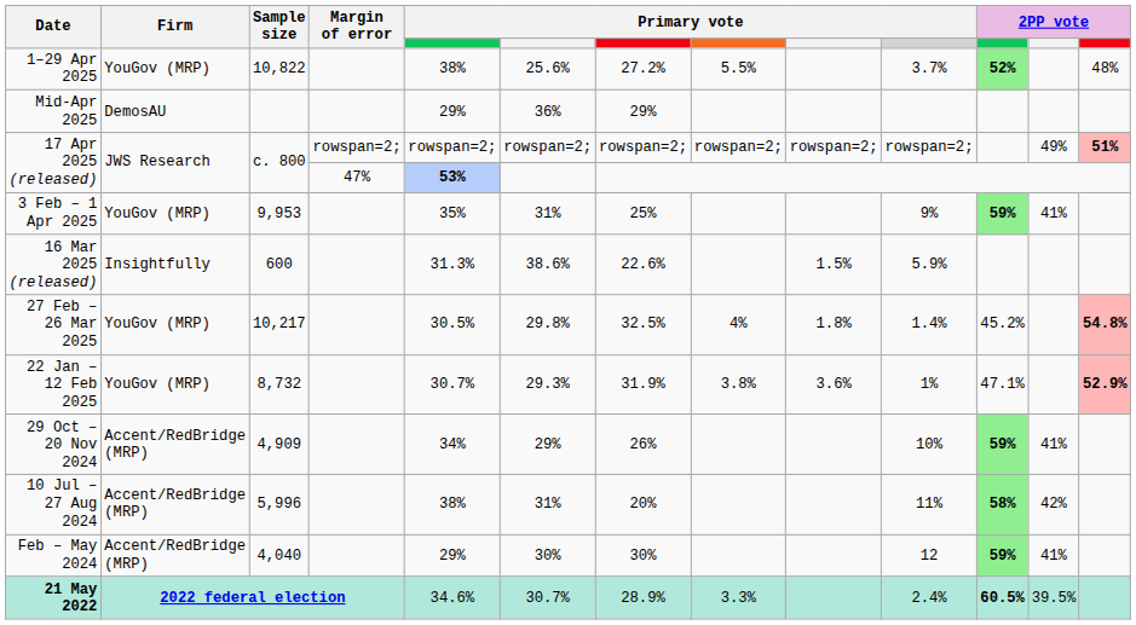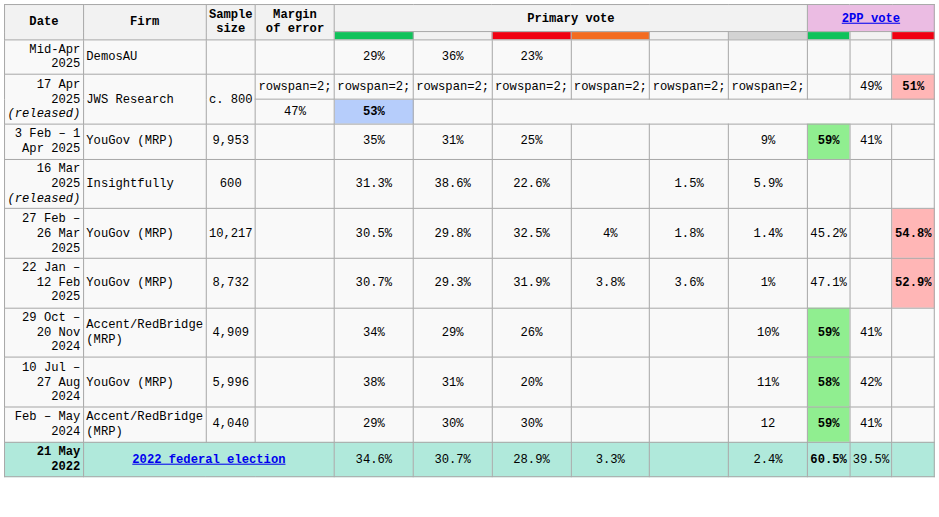 <table class="nowrap wikitable tpl-blanktable" style=text-align:center;font-size:90%>
 <tr>
 <th rowspan=2>Date</th>
 <th rowspan=2>Firm</th>
 <th rowspan=2>Sample<br>size</th>
 <th rowspan=2>Margin<br>of error</th>
 <th colspan=6>Primary vote</th>
 <th colspan=3 class=unsortable style=background:#ebbce3><a href='#'>2PP vote</a></th>
 </tr>
 <tr>
 <th style=background:#10C25B></th>
 <th style=background:></th>
 <th style="background:#F00011"></th>
 <th style=background:#f36c21></th>
 <th style=background:></th>
 <th style=background:lightgray></th>
 <th style=background:#10C25B></th>
 <th style=background:></th>
 <th style="background:#F00011"></th>
 </tr>
 <tr>
-<td align=right>1–29 Apr 2025</td>
-<td align=left>YouGov (MRP)</td>
-<td>10,822</td>
-<td></td>
-<td>38%</td>
-<td>25.6%</td>
-<td>27.2%</td>
-<td>5.5%</td>
-<td></td>
-<td>3.7%</td>
-<th style=background:#90ee90>52%</th>
-<td></td>
-<td>48%</td>
-</tr>
-<tr>
 <td align=right>Mid-Apr 2025</td>
 <td align=left>DemosAU</td>
 <td></td>
 <td></td>
 <td>29%</td>
 <td>36%</td>
-<td>29%</td>
+<td>23%</td>
 <td></td>
 <td></td>
 <td></td>
 <td></td>
 <td></td>
 <td></td>
 </tr>
 <tr>
 <td rowspan=2; align=right>17 Apr 2025 <em>(released)</em></td>
 <td rowspan=2; align=left>JWS Research</td>
 <td rowspan=2>c. 800</td>
 <td>rowspan=2; </td>
 <td>rowspan=2; </td>
 <td>rowspan=2; </td>
 <td>rowspan=2; </td>
 <td>rowspan=2; </td>
 <td>rowspan=2; </td>
 <td>rowspan=2; </td>
 <td></td>
 <td>49%</td>
 <th style=background:#FFB6B6>51%</th>
 </tr>
 <tr>
 <td>47%</td>
 <th style=background:#B6CDFB>53%</th>
 <td></td>
 </tr>
 <tr>
 <td align=right>3 Feb – 1 Apr 2025</td>
 <td align=left>YouGov (MRP)</td>
 <td>9,953</td>
 <td></td>
 <td>35%</td>
 <td>31%</td>
 <td>25%</td>
 <td></td>
 <td></td>
 <td>9%</td>
 <th style=background:#90ee90>59%</th>
 <td>41%</td>
 <td></td>
 </tr>
 <tr>
 <td align=right>16 Mar 2025 <em>(released)</em></td>
 <td align=left>Insightfully</td>
 <td>600</td>
 <td></td>
 <td>31.3%</td>
 <td>38.6%</td>
 <td>22.6%</td>
 <td></td>
 <td>1.5%</td>
 <td>5.9%</td>
 <td></td>
 <td></td>
 <td></td>
 </tr>
 <tr>
 <td align=right>27 Feb – 26 Mar 2025</td>
 <td align=left>YouGov (MRP)</td>
 <td>10,217</td>
 <td></td>
 <td>30.5%</td>
 <td>29.8%</td>
 <td>32.5%</td>
 <td>4%</td>
 <td>1.8%</td>
 <td>1.4%</td>
 <td>45.2%</td>
 <td></td>
 <th style=background:#FFB6B6>54.8%</th>
 </tr>
 <tr>
 <td align=right>22 Jan – 12 Feb 2025</td>
 <td align=left>YouGov (MRP)</td>
 <td>8,732</td>
 <td></td>
 <td>30.7%</td>
 <td>29.3%</td>
 <td>31.9%</td>
 <td>3.8%</td>
 <td>3.6%</td>
 <td>1%</td>
 <td>47.1%</td>
 <td></td>
 <th style=background:#FFB6B6>52.9%</th>
 </tr>
 <tr>
 <td align=right>29 Oct – 20 Nov 2024</td>
 <td align=left>Accent/RedBridge (MRP)</td>
 <td>4,909</td>
 <td></td>
 <td>34%</td>
 <td>29%</td>
 <td>26%</td>
 <td></td>
 <td></td>
 <td>10%</td>
 <th style=background:#90ee90>59%</th>
 <td>41%</td>
 <td></td>
 </tr>
 <tr>
 <td align=right>10 Jul – 27 Aug 2024</td>
-<td align=left>Accent/RedBridge (MRP)</td>
+<td align=left>YouGov (MRP)</td>
 <td>5,996</td>
 <td></td>
 <td>38%</td>
 <td>31%</td>
 <td>20%</td>
 <td></td>
 <td></td>
 <td>11%</td>
 <th style=background:#90ee90>58%</th>
 <td>42%</td>
 <td></td>
 </tr>
 <tr>
 <td align=right>Feb – May 2024</td>
 <td align=left>Accent/RedBridge (MRP)</td>
 <td>4,040</td>
 <td></td>
 <td>29%</td>
 <td>30%</td>
 <td>30%</td>
 <td></td>
 <td></td>
 <td>12</td>
 <th style=background:#90ee90>59%</th>
 <td>41%</td>
 <td></td>
 </tr>
 <tr style=background:#b0e9db>
 <td style=text-align:right data-sort-value=21-May-2022><strong>21 May 2022</strong></td>
 <td colspan=3 style=text-align:center><strong><a href='#'>2022 federal election</a></strong></td>
 <td>34.6%</td>
 <td>30.7%</td>
 <td>28.9%</td>
 <td>3.3%</td>
 <td></td>
 <td>2.4%</td>
 <td><strong>60.5%</strong></td>
 <td>39.5%</td>
 <td></td>
 </tr>
 </table>
